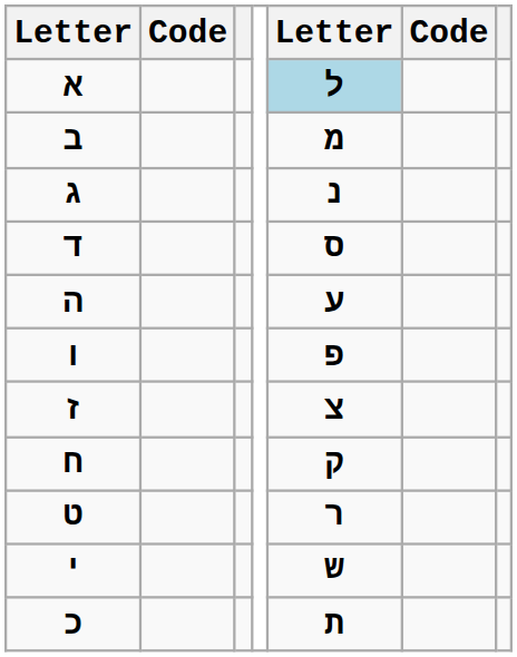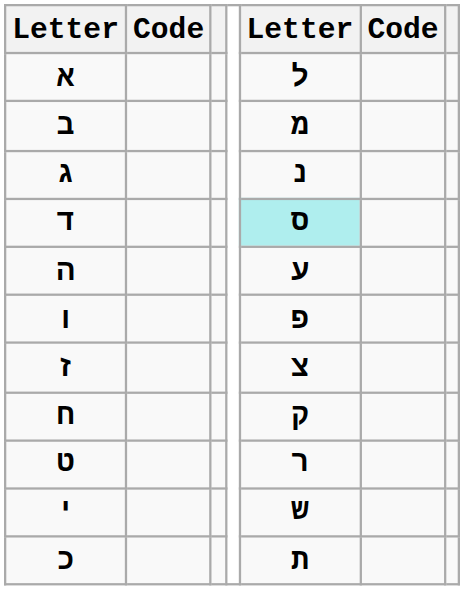 <table class="wikitable" style="text-align:center;">
 <tr>
 <th>Letter</th>
 <th>Code</th>
 <th></th>
 <td rowspan=12 style="background:white;"></td>
 <th>Letter</th>
 <th>Code</th>
 <th></th>
 </tr>
 <tr>
 <td><strong> א </strong></td>
 <td style="text-align:left;"></td>
 <td></td>
-<td style="background: lightblue;"><strong> ל </strong></td>
+<td><strong> ל </strong></td>
 <td style="text-align:left;"></td>
 <td></td>
 </tr>
 <tr>
 <td><strong> ב </strong></td>
 <td style="text-align:left;"></td>
 <td></td>
 <td><strong> מ </strong></td>
 <td style="text-align:left;"></td>
 <td></td>
 </tr>
 <tr>
 <td><strong> ג </strong></td>
 <td style="text-align:left;"></td>
 <td></td>
 <td><strong> נ </strong></td>
 <td style="text-align:left;"></td>
 <td></td>
 </tr>
 <tr>
 <td><strong> ד </strong></td>
 <td style="text-align:left;"></td>
 <td></td>
-<td><strong> ס </strong></td>
+<td style="background: paleturquoise;"><strong> ס </strong></td>
 <td style="text-align:left;"></td>
 <td></td>
 </tr>
 <tr>
 <td><strong> ה </strong></td>
 <td style="text-align:left;"></td>
 <td></td>
 <td><strong> ע </strong></td>
 <td style="text-align:left;"></td>
 <td></td>
 </tr>
 <tr>
 <td><strong> ו </strong></td>
 <td style="text-align:left;"></td>
 <td></td>
 <td><strong> פ </strong></td>
 <td style="text-align:left;"></td>
 <td></td>
 </tr>
 <tr>
 <td><strong> ז </strong></td>
 <td style="text-align:left;"></td>
 <td></td>
 <td><strong> צ </strong></td>
 <td style="text-align:left;"></td>
 <td></td>
 </tr>
 <tr>
 <td><strong> ח </strong></td>
 <td style="text-align:left;"></td>
 <td></td>
 <td><strong> ק </strong></td>
 <td style="text-align:left;"></td>
 <td></td>
 </tr>
 <tr>
 <td><strong> ט </strong></td>
 <td style="text-align:left;"></td>
 <td></td>
 <td><strong> ר </strong></td>
 <td style="text-align:left;"></td>
 <td></td>
 </tr>
 <tr>
 <td><strong> י </strong></td>
 <td style="text-align:left;"></td>
 <td></td>
 <td><strong> ש </strong></td>
 <td style="text-align:left;"></td>
 <td></td>
 </tr>
 <tr>
 <td><strong> כ </strong></td>
 <td style="text-align:left;"></td>
 <td></td>
 <td><strong> ת </strong></td>
 <td style="text-align:left;"></td>
 <td></td>
 </tr>
 </table>
